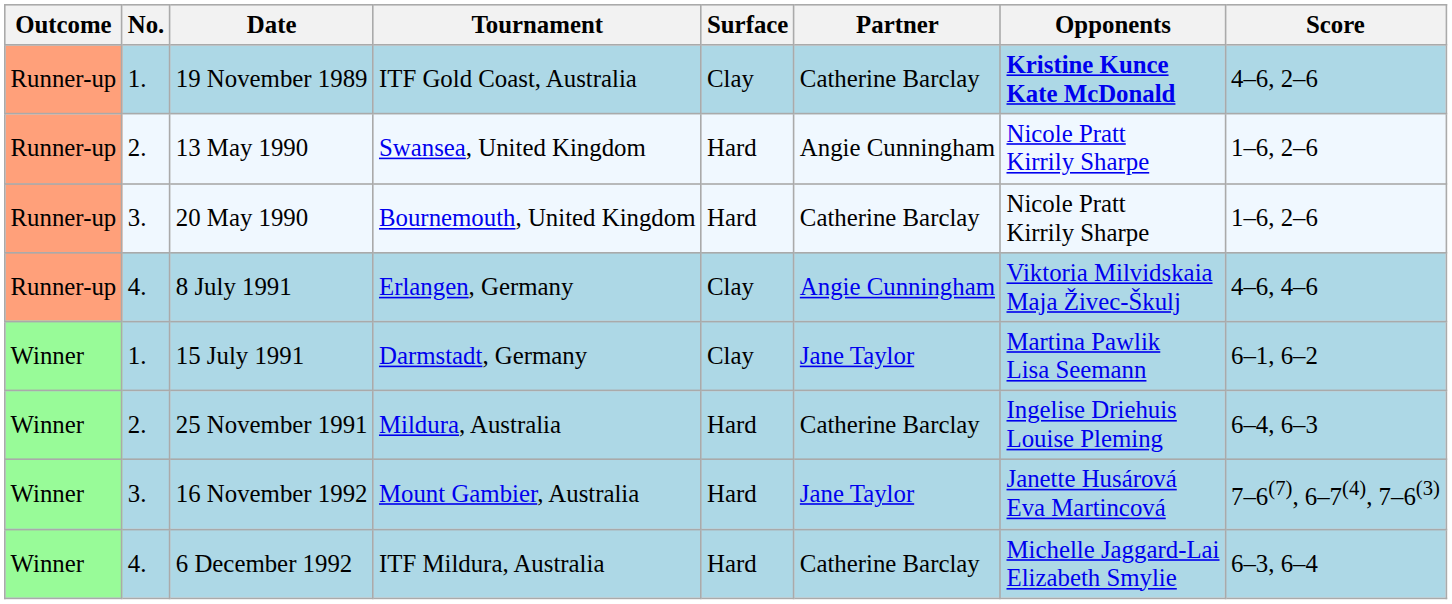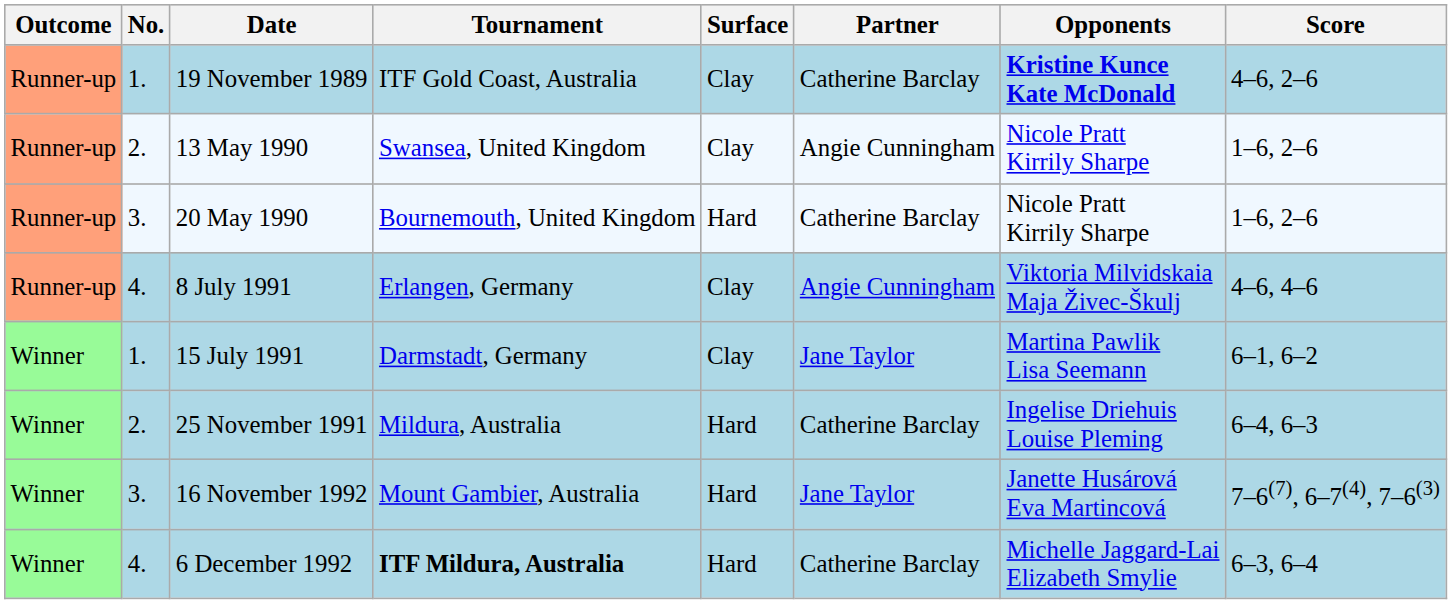 <table class="sortable wikitable" style=font-size:97%>
 <tr>
 <th>Outcome</th>
 <th>No.</th>
 <th>Date</th>
 <th>Tournament</th>
 <th>Surface</th>
 <th>Partner</th>
 <th>Opponents</th>
 <th class="unsortable">Score</th>
 </tr>
 <tr style="background:lightblue">
 <td style="background:#ffa07a;">Runner-up</td>
 <td>1.</td>
 <td>19 November 1989</td>
 <td>ITF Gold Coast, Australia</td>
 <td>Clay</td>
 <td> Catherine Barclay</td>
 <td><strong> <a href='#'>Kristine Kunce</a> <br>  <a href='#'>Kate McDonald</a></strong></td>
 <td>4–6, 2–6</td>
 </tr>
 <tr bgcolor=#f0f8ff>
 <td style="background:#ffa07a;">Runner-up</td>
 <td>2.</td>
 <td>13 May 1990</td>
 <td><a href='#'>Swansea</a>, United Kingdom</td>
-<td>Hard</td>
+<td>Clay</td>
 <td> Angie Cunningham</td>
 <td> <a href='#'>Nicole Pratt</a> <br>  <a href='#'>Kirrily Sharpe</a></td>
 <td>1–6, 2–6</td>
 </tr>
 <tr bgcolor=#f0f8ff>
 <td style="background:#ffa07a;">Runner-up</td>
 <td>3.</td>
 <td>20 May 1990</td>
 <td><a href='#'>Bournemouth</a>, United Kingdom</td>
 <td>Hard</td>
 <td> Catherine Barclay</td>
 <td> Nicole Pratt <br>  Kirrily Sharpe</td>
 <td>1–6, 2–6</td>
 </tr>
 <tr style="background:lightblue;">
 <td style="background:#ffa07a;">Runner-up</td>
 <td>4.</td>
 <td>8 July 1991</td>
 <td><a href='#'>Erlangen</a>, Germany</td>
 <td>Clay</td>
 <td> <a href='#'>Angie Cunningham</a></td>
 <td> <a href='#'>Viktoria Milvidskaia</a> <br>  <a href='#'>Maja Živec-Škulj</a></td>
 <td>4–6, 4–6</td>
 </tr>
 <tr bgcolor=lightblue>
 <td style="background:#98fb98;">Winner</td>
 <td>1.</td>
 <td>15 July 1991</td>
 <td><a href='#'>Darmstadt</a>, Germany</td>
 <td>Clay</td>
 <td> <a href='#'>Jane Taylor</a></td>
 <td> <a href='#'>Martina Pawlik</a> <br>  <a href='#'>Lisa Seemann</a></td>
 <td>6–1, 6–2</td>
 </tr>
 <tr style="background:lightblue;">
 <td bgcolor="98FB98">Winner</td>
 <td>2.</td>
 <td>25 November 1991</td>
 <td><a href='#'>Mildura</a>, Australia</td>
 <td>Hard</td>
 <td> Catherine Barclay</td>
 <td> <a href='#'>Ingelise Driehuis</a> <br>  <a href='#'>Louise Pleming</a></td>
 <td>6–4, 6–3</td>
 </tr>
 <tr bgcolor="lightblue">
 <td bgcolor="98FB98">Winner</td>
 <td>3.</td>
 <td>16 November 1992</td>
 <td><a href='#'>Mount Gambier</a>, Australia</td>
 <td>Hard</td>
 <td> <a href='#'>Jane Taylor</a></td>
 <td> <a href='#'>Janette Husárová</a> <br>  <a href='#'>Eva Martincová</a></td>
 <td>7–6<sup>(7)</sup>, 6–7<sup>(4)</sup>, 7–6<sup>(3)</sup></td>
 </tr>
 <tr bgcolor="lightblue">
 <td bgcolor="98FB98">Winner</td>
 <td>4.</td>
 <td>6 December 1992</td>
-<td>ITF Mildura, Australia</td>
+<td><strong>ITF Mildura, Australia</strong></td>
 <td>Hard</td>
 <td> Catherine Barclay</td>
 <td> <a href='#'>Michelle Jaggard-Lai</a> <br>  <a href='#'>Elizabeth Smylie</a></td>
 <td>6–3, 6–4</td>
 </tr>
 </table>
